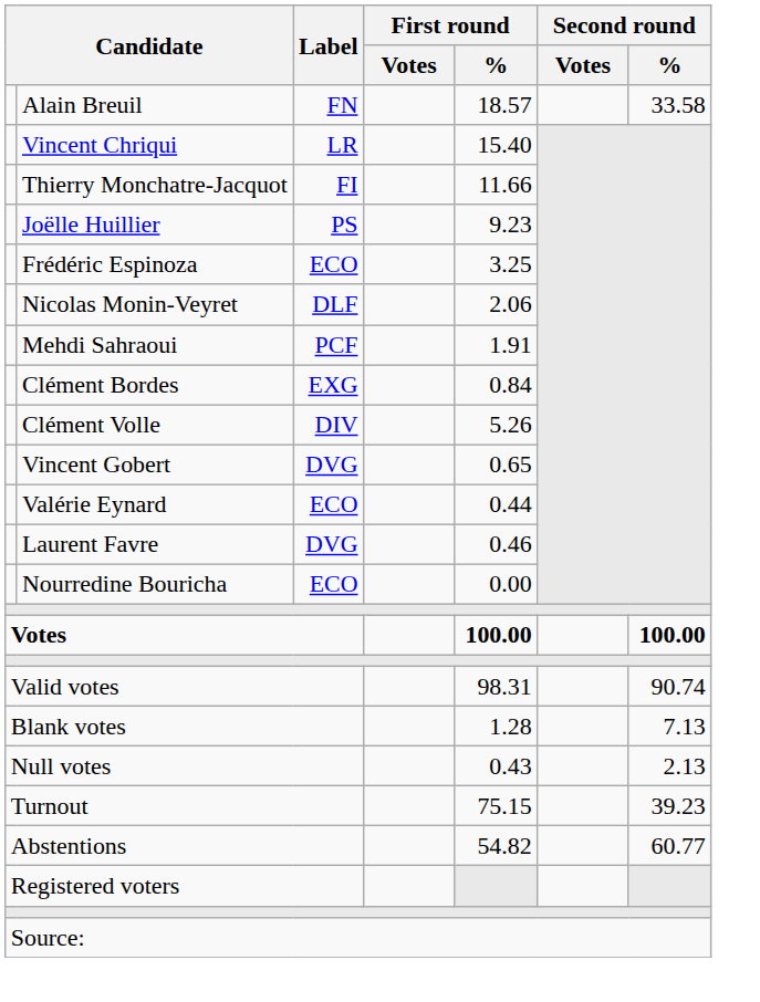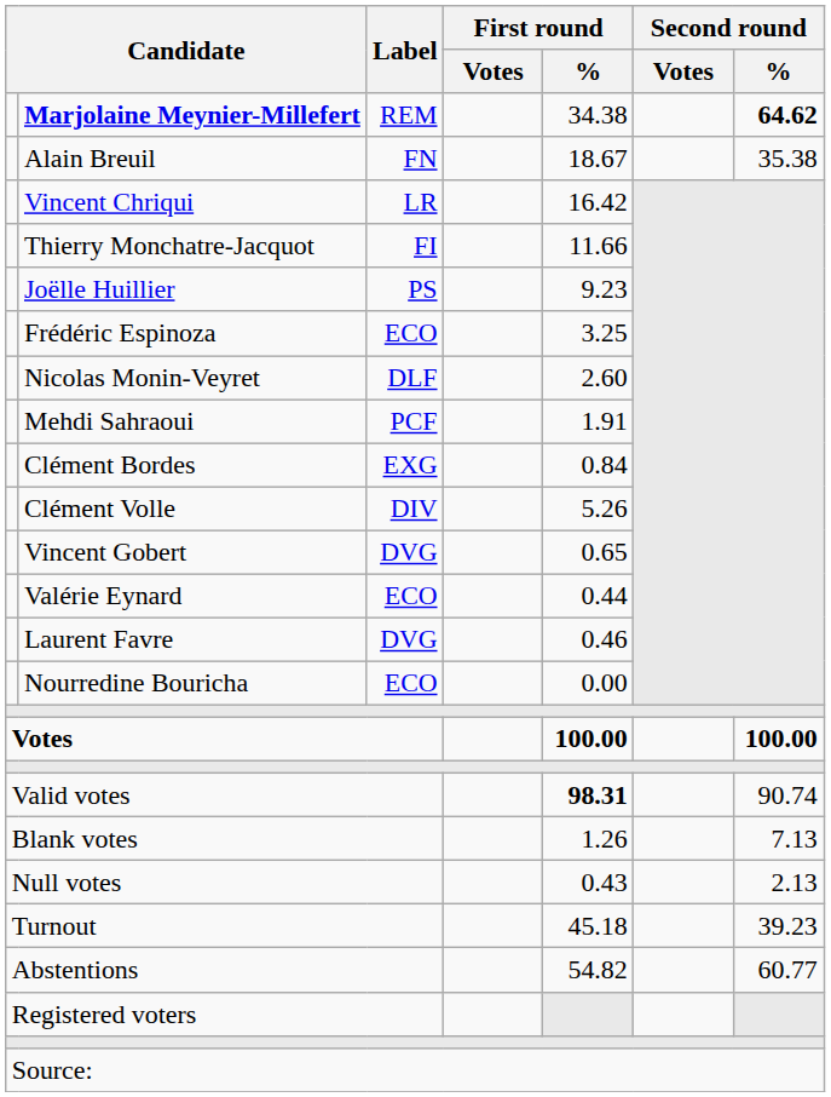 <table class="wikitable" style="text-align:right;font-size:95%;">
 <tr>
 <th rowspan="2" colspan="2">Candidate</th>
 <th rowspan="2">Label</th>
 <th colspan="2">First round</th>
 <th colspan="2">Second round</th>
 </tr>
 <tr>
 <th style="width:50px;">Votes</th>
 <th style="width:45px;">%</th>
 <th style="width:50px;">Votes</th>
 <th style="width:45px;">%</th>
 </tr>
 <tr>
 <td style="color:inherit;background:"></td>
+<td style="text-align:left;"><strong><a href='#'>Marjolaine Meynier-Millefert</a></strong></td>
+<td><a href='#'>REM</a></td>
+<td></td>
+<td>34.38</td>
+<td><strong></strong></td>
+<td><strong>64.62</strong></td>
+</tr>
+<tr>
+<td style="color:inherit;background:"></td>
 <td style="text-align:left;">Alain Breuil</td>
 <td><a href='#'>FN</a></td>
 <td></td>
-<td>18.57</td>
+<td>18.67</td>
 <td></td>
-<td>33.58</td>
+<td>35.38</td>
 </tr>
 <tr>
 <td style="color:inherit;background:"></td>
 <td style="text-align:left;"><a href='#'>Vincent Chriqui</a></td>
 <td><a href='#'>LR</a></td>
 <td></td>
-<td>15.40</td>
+<td>16.42</td>
 <td colspan="2" rowspan="12" style="background:#E9E9E9;"></td>
 </tr>
 <tr>
 <td style="color:inherit;background:"></td>
 <td style="text-align:left;">Thierry Monchatre-Jacquot</td>
 <td><a href='#'>FI</a></td>
 <td></td>
 <td>11.66</td>
 </tr>
 <tr>
 <td style="color:inherit;background:"></td>
 <td style="text-align:left;"><a href='#'>Joëlle Huillier</a></td>
 <td><a href='#'>PS</a></td>
 <td></td>
 <td>9.23</td>
 </tr>
 <tr>
 <td style="color:inherit;background:"></td>
 <td style="text-align:left;">Frédéric Espinoza</td>
 <td><a href='#'>ECO</a></td>
 <td></td>
 <td>3.25</td>
 </tr>
 <tr>
 <td style="color:inherit;background:"></td>
 <td style="text-align:left;">Nicolas Monin-Veyret</td>
 <td><a href='#'>DLF</a></td>
 <td></td>
-<td>2.06</td>
+<td>2.60</td>
 </tr>
 <tr>
 <td style="color:inherit;background:"></td>
 <td style="text-align:left;">Mehdi Sahraoui</td>
 <td><a href='#'>PCF</a></td>
 <td></td>
 <td>1.91</td>
 </tr>
 <tr>
 <td style="color:inherit;background:"></td>
 <td style="text-align:left;">Clément Bordes</td>
 <td><a href='#'>EXG</a></td>
 <td></td>
 <td>0.84</td>
 </tr>
 <tr>
 <td style="color:inherit;background:"></td>
 <td style="text-align:left;">Clément Volle</td>
 <td><a href='#'>DIV</a></td>
 <td></td>
 <td>5.26</td>
 </tr>
 <tr>
 <td style="color:inherit;background:"></td>
 <td style="text-align:left;">Vincent Gobert</td>
 <td><a href='#'>DVG</a></td>
 <td></td>
 <td>0.65</td>
 </tr>
 <tr>
 <td style="color:inherit;background:"></td>
 <td style="text-align:left;">Valérie Eynard</td>
 <td><a href='#'>ECO</a></td>
 <td></td>
 <td>0.44</td>
 </tr>
 <tr>
 <td style="color:inherit;background:"></td>
 <td style="text-align:left;">Laurent Favre</td>
 <td><a href='#'>DVG</a></td>
 <td></td>
 <td>0.46</td>
 </tr>
 <tr>
 <td style="color:inherit;background:"></td>
 <td style="text-align:left;">Nourredine Bouricha</td>
 <td><a href='#'>ECO</a></td>
 <td></td>
 <td>0.00</td>
 </tr>
 <tr>
 <td colspan="7" style="background:#E9E9E9;"></td>
 </tr>
 <tr style="font-weight:bold;">
 <td colspan="3" style="text-align:left;">Votes</td>
 <td></td>
 <td>100.00</td>
 <td></td>
 <td>100.00</td>
 </tr>
 <tr>
 <td colspan="7" style="background:#E9E9E9;"></td>
 </tr>
 <tr>
 <td colspan="3" style="text-align:left;">Valid votes</td>
 <td></td>
-<td>98.31</td>
+<td><strong>98.31</strong></td>
 <td></td>
 <td>90.74</td>
 </tr>
 <tr>
 <td colspan="3" style="text-align:left;">Blank votes</td>
 <td></td>
-<td>1.28</td>
+<td>1.26</td>
 <td></td>
 <td>7.13</td>
 </tr>
 <tr>
 <td colspan="3" style="text-align:left;">Null votes</td>
 <td></td>
 <td>0.43</td>
 <td></td>
 <td>2.13</td>
 </tr>
 <tr>
 <td colspan="3" style="text-align:left;">Turnout</td>
 <td></td>
-<td>75.15</td>
+<td>45.18</td>
 <td></td>
 <td>39.23</td>
 </tr>
 <tr>
 <td colspan="3" style="text-align:left;">Abstentions</td>
 <td></td>
 <td>54.82</td>
 <td></td>
 <td>60.77</td>
 </tr>
 <tr>
 <td colspan="3" style="text-align:left;">Registered voters</td>
 <td></td>
 <td style="color:inherit;background:#E9E9E9;"></td>
 <td></td>
 <td style="color:inherit;background:#E9E9E9;"></td>
 </tr>
 <tr>
 <td colspan="7" style="background:#E9E9E9;"></td>
 </tr>
 <tr>
 <td colspan="7" style="text-align:left;">Source: </td>
 </tr>
 </table>
